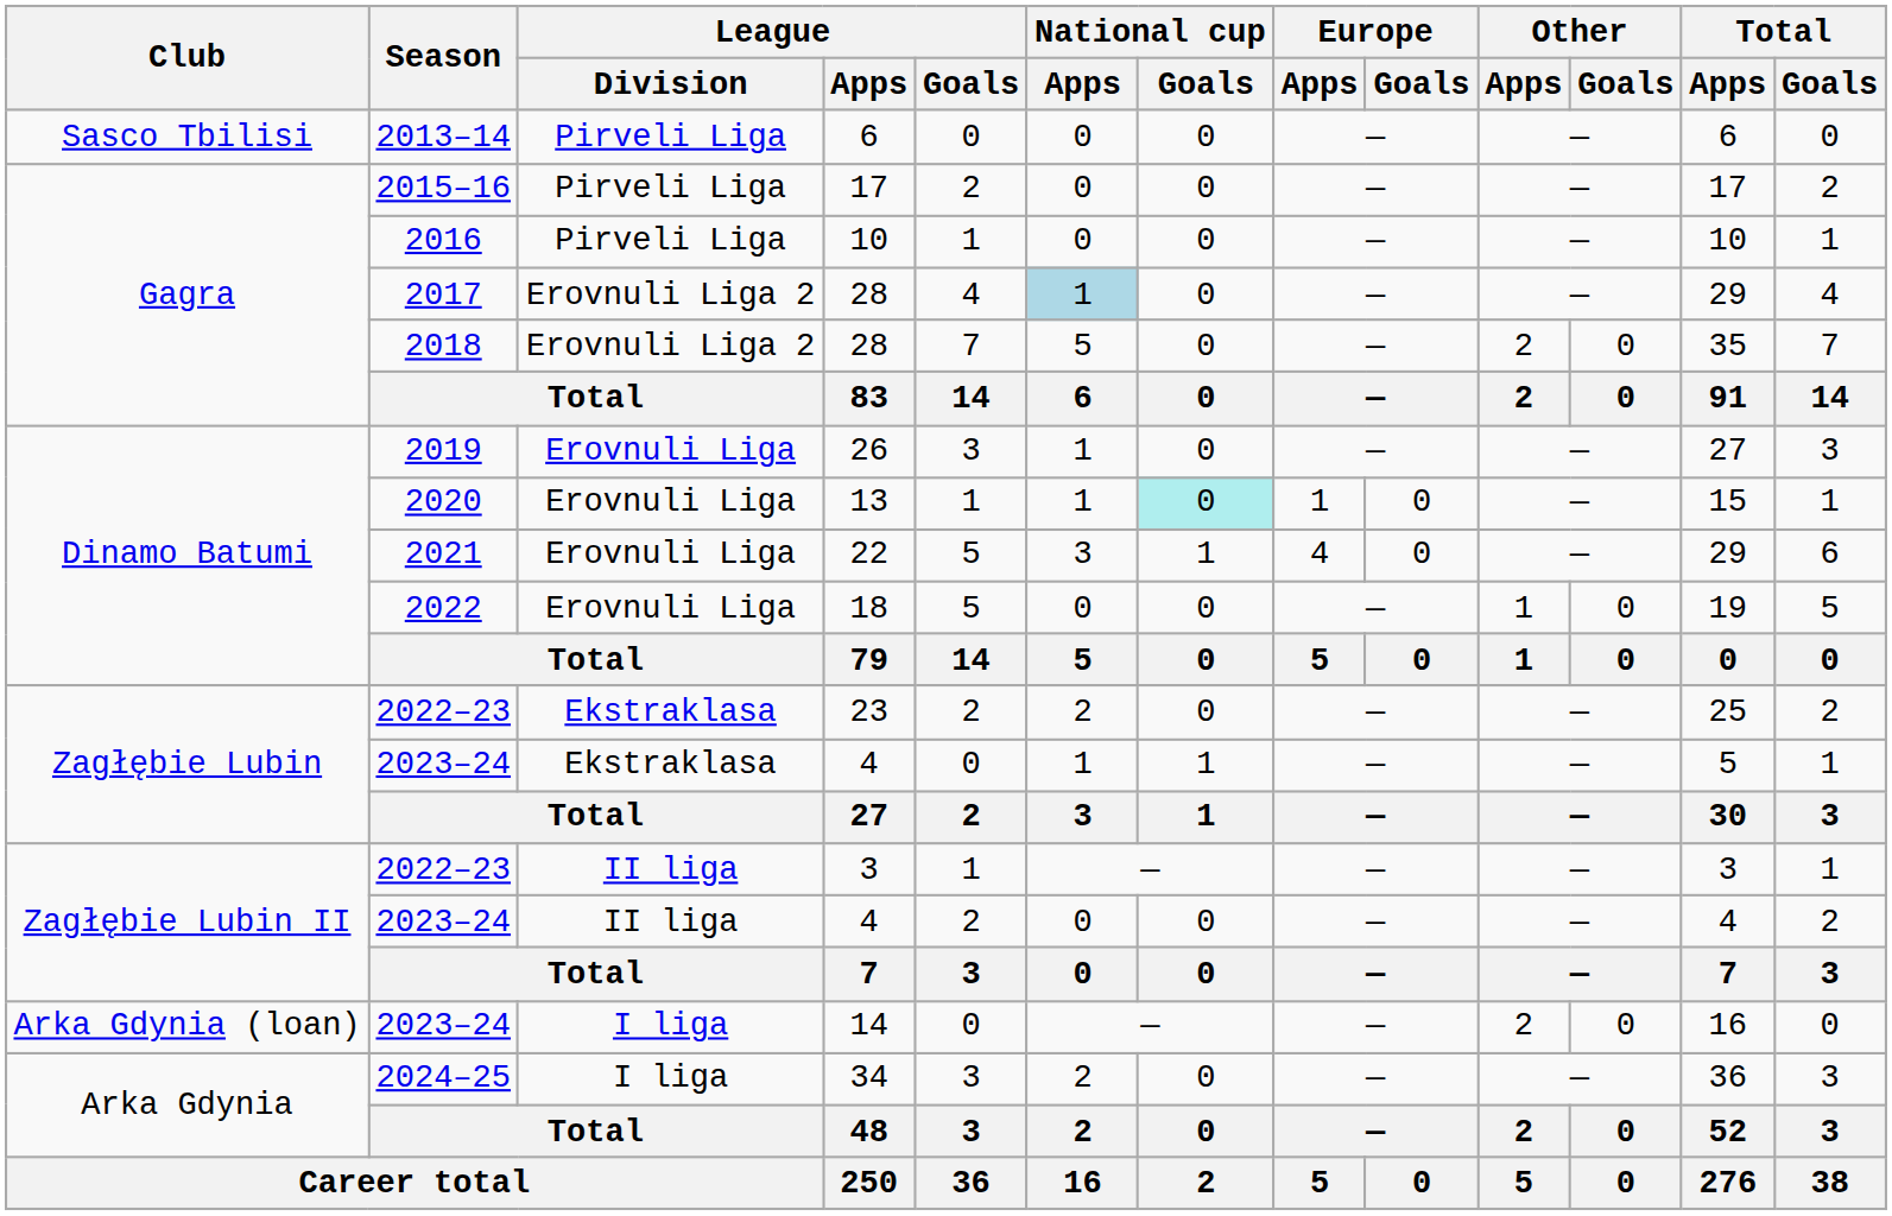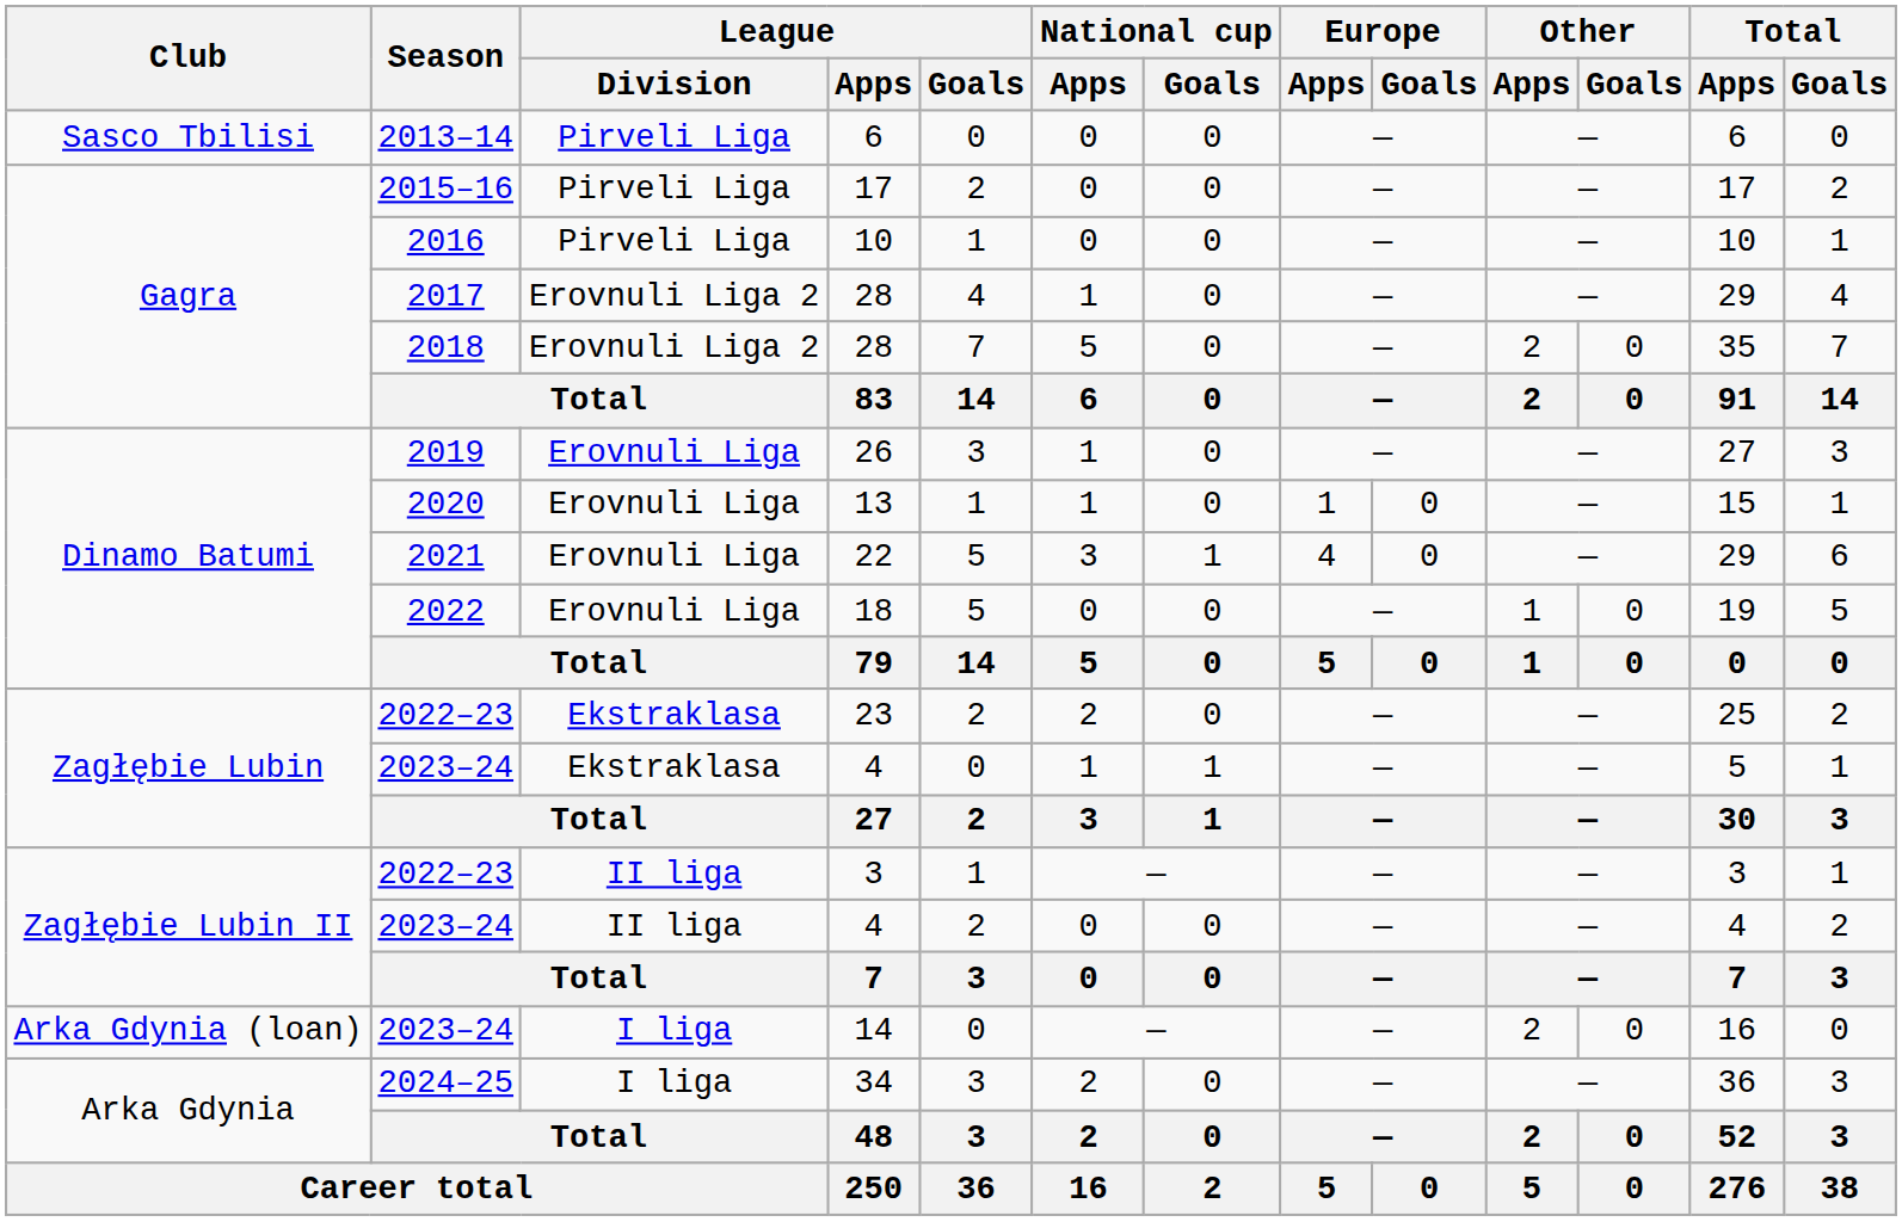 <table class="wikitable" style="text-align: center;">
 <tr>
 <th rowspan="2">Club</th>
 <th rowspan="2">Season</th>
 <th colspan="3">League</th>
 <th colspan="2">National cup</th>
 <th colspan="2">Europe</th>
 <th colspan="2">Other</th>
 <th colspan="2">Total</th>
 </tr>
 <tr>
 <th>Division</th>
 <th>Apps</th>
 <th>Goals</th>
 <th>Apps</th>
 <th>Goals</th>
 <th>Apps</th>
 <th>Goals</th>
 <th>Apps</th>
 <th>Goals</th>
 <th>Apps</th>
 <th>Goals</th>
 </tr>
 <tr>
 <td><a href='#'>Sasco Tbilisi</a></td>
 <td><a href='#'>2013–14</a></td>
 <td><a href='#'>Pirveli Liga</a></td>
 <td>6</td>
 <td>0</td>
 <td>0</td>
 <td>0</td>
 <td colspan="2">—</td>
 <td colspan="2">—</td>
 <td>6</td>
 <td>0</td>
 </tr>
 <tr>
 <td rowspan="5"><a href='#'>Gagra</a></td>
 <td><a href='#'>2015–16</a></td>
 <td>Pirveli Liga</td>
 <td>17</td>
 <td>2</td>
 <td>0</td>
 <td>0</td>
 <td colspan="2">—</td>
 <td colspan="2">—</td>
 <td>17</td>
 <td>2</td>
 </tr>
 <tr>
 <td><a href='#'>2016</a></td>
 <td>Pirveli Liga</td>
 <td>10</td>
 <td>1</td>
 <td>0</td>
 <td>0</td>
 <td colspan="2">—</td>
 <td colspan="2">—</td>
 <td>10</td>
 <td>1</td>
 </tr>
 <tr>
 <td><a href='#'>2017</a></td>
 <td>Erovnuli Liga 2</td>
 <td>28</td>
 <td>4</td>
-<td style="background: lightblue;">1</td>
+<td>1</td>
 <td>0</td>
 <td colspan="2">—</td>
 <td colspan="2">—</td>
 <td>29</td>
 <td>4</td>
 </tr>
 <tr>
 <td><a href='#'>2018</a></td>
 <td>Erovnuli Liga 2</td>
 <td>28</td>
 <td>7</td>
 <td>5</td>
 <td>0</td>
 <td colspan="2">—</td>
 <td>2</td>
 <td>0</td>
 <td>35</td>
 <td>7</td>
 </tr>
 <tr>
 <th colspan="2">Total</th>
 <th>83</th>
 <th>14</th>
 <th>6</th>
 <th>0</th>
 <th colspan="2">—</th>
 <th>2</th>
 <th>0</th>
 <th>91</th>
 <th>14</th>
 </tr>
 <tr>
 <td rowspan="5"><a href='#'>Dinamo Batumi</a></td>
 <td><a href='#'>2019</a></td>
 <td><a href='#'>Erovnuli Liga</a></td>
 <td>26</td>
 <td>3</td>
 <td>1</td>
 <td>0</td>
 <td colspan="2">—</td>
 <td colspan="2">—</td>
 <td>27</td>
 <td>3</td>
 </tr>
 <tr>
 <td><a href='#'>2020</a></td>
 <td>Erovnuli Liga</td>
 <td>13</td>
 <td>1</td>
 <td>1</td>
-<td style="background: paleturquoise;">0</td>
+<td>0</td>
 <td>1</td>
 <td>0</td>
 <td colspan="2">—</td>
 <td>15</td>
 <td>1</td>
 </tr>
 <tr>
 <td><a href='#'>2021</a></td>
 <td>Erovnuli Liga</td>
 <td>22</td>
 <td>5</td>
 <td>3</td>
 <td>1</td>
 <td>4</td>
 <td>0</td>
 <td colspan="2">—</td>
 <td>29</td>
 <td>6</td>
 </tr>
 <tr>
 <td><a href='#'>2022</a></td>
 <td>Erovnuli Liga</td>
 <td>18</td>
 <td>5</td>
 <td>0</td>
 <td>0</td>
 <td colspan="2">—</td>
 <td>1</td>
 <td>0</td>
 <td>19</td>
 <td>5</td>
 </tr>
 <tr>
 <th colspan="2">Total</th>
 <th>79</th>
 <th>14</th>
 <th>5</th>
 <th>0</th>
 <th>5</th>
 <th>0</th>
 <th>1</th>
 <th>0</th>
 <th>0</th>
 <th>0</th>
 </tr>
 <tr>
 <td rowspan="3"><a href='#'>Zagłębie Lubin</a></td>
 <td><a href='#'>2022–23</a></td>
 <td><a href='#'>Ekstraklasa</a></td>
 <td>23</td>
 <td>2</td>
 <td>2</td>
 <td>0</td>
 <td colspan="2">—</td>
 <td colspan="2">—</td>
 <td>25</td>
 <td>2</td>
 </tr>
 <tr>
 <td><a href='#'>2023–24</a></td>
 <td>Ekstraklasa</td>
 <td>4</td>
 <td>0</td>
 <td>1</td>
 <td>1</td>
 <td colspan="2">—</td>
 <td colspan="2">—</td>
 <td>5</td>
 <td>1</td>
 </tr>
 <tr>
 <th colspan="2">Total</th>
 <th>27</th>
 <th>2</th>
 <th>3</th>
 <th>1</th>
 <th colspan="2">—</th>
 <th colspan="2">—</th>
 <th>30</th>
 <th>3</th>
 </tr>
 <tr>
 <td rowspan="3"><a href='#'>Zagłębie Lubin II</a></td>
 <td><a href='#'>2022–23</a></td>
 <td><a href='#'>II liga</a></td>
 <td>3</td>
 <td>1</td>
 <td colspan="2">—</td>
 <td colspan="2">—</td>
 <td colspan="2">—</td>
 <td>3</td>
 <td>1</td>
 </tr>
 <tr>
 <td><a href='#'>2023–24</a></td>
 <td>II liga</td>
 <td>4</td>
 <td>2</td>
 <td>0</td>
 <td>0</td>
 <td colspan="2">—</td>
 <td colspan="2">—</td>
 <td>4</td>
 <td>2</td>
 </tr>
 <tr>
 <th colspan="2">Total</th>
 <th>7</th>
 <th>3</th>
 <th>0</th>
 <th>0</th>
 <th colspan="2">—</th>
 <th colspan="2">—</th>
 <th>7</th>
 <th>3</th>
 </tr>
 <tr>
 <td><a href='#'>Arka Gdynia</a> (loan)</td>
 <td><a href='#'>2023–24</a></td>
 <td><a href='#'>I liga</a></td>
 <td>14</td>
 <td>0</td>
 <td colspan="2">—</td>
 <td colspan="2">—</td>
 <td>2</td>
 <td>0</td>
 <td>16</td>
 <td>0</td>
 </tr>
 <tr>
 <td rowspan="2">Arka Gdynia</td>
 <td><a href='#'>2024–25</a></td>
 <td>I liga</td>
 <td>34</td>
 <td>3</td>
 <td>2</td>
 <td>0</td>
 <td colspan="2">—</td>
 <td colspan="2">—</td>
 <td>36</td>
 <td>3</td>
 </tr>
 <tr>
 <th colspan="2">Total</th>
 <th>48</th>
 <th>3</th>
 <th>2</th>
 <th>0</th>
 <th colspan="2">—</th>
 <th>2</th>
 <th>0</th>
 <th>52</th>
 <th>3</th>
 </tr>
 <tr>
 <th colspan="3">Career total</th>
 <th>250</th>
 <th>36</th>
 <th>16</th>
 <th>2</th>
 <th>5</th>
 <th>0</th>
 <th>5</th>
 <th>0</th>
 <th>276</th>
 <th>38</th>
 </tr>
 </table>
